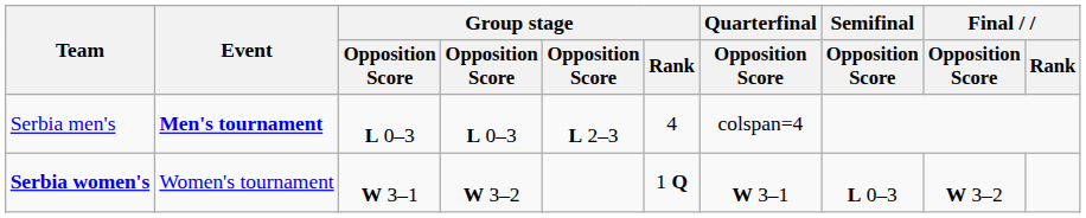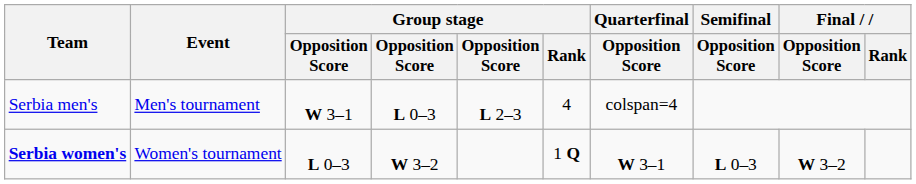 <table class="wikitable" style="text-align:center; font-size:90%">
 <tr>
 <th rowspan=2>Team</th>
 <th rowspan=2>Event</th>
 <th colspan=4>Group stage</th>
 <th>Quarterfinal</th>
 <th>Semifinal</th>
 <th colspan=2>Final /  / </th>
 </tr>
 <tr style="font-size:95%">
 <th>Opposition<br>Score</th>
 <th>Opposition<br>Score</th>
 <th>Opposition<br>Score</th>
 <th>Rank</th>
 <th>Opposition<br>Score</th>
 <th>Opposition<br>Score</th>
 <th>Opposition<br>Score</th>
 <th>Rank</th>
 </tr>
 <tr>
 <td align=left><a href='#'>Serbia men's</a></td>
-<td align=left><strong><a href='#'>Men's tournament</a></strong></td>
-<td><br><strong>L</strong> 0–3</td>
+<td align=left><a href='#'>Men's tournament</a></td>
+<td><br><strong>W</strong> 3–1</td>
 <td><br><strong>L</strong> 0–3</td>
 <td><br><strong>L</strong> 2–3</td>
 <td>4</td>
 <td>colspan=4 </td>
 </tr>
 <tr>
 <td align=left><strong><a href='#'>Serbia women's</a></strong></td>
 <td align=left><a href='#'>Women's tournament</a></td>
-<td><br><strong>W</strong> 3–1</td>
+<td><br><strong>L</strong> 0–3</td>
 <td><br><strong>W</strong> 3–2</td>
 <td></td>
 <td>1 <strong>Q</strong></td>
 <td><br><strong>W</strong> 3–1</td>
 <td><br><strong>L</strong> 0–3</td>
 <td><br><strong>W</strong> 3–2</td>
 <td></td>
 </tr>
 </table>
